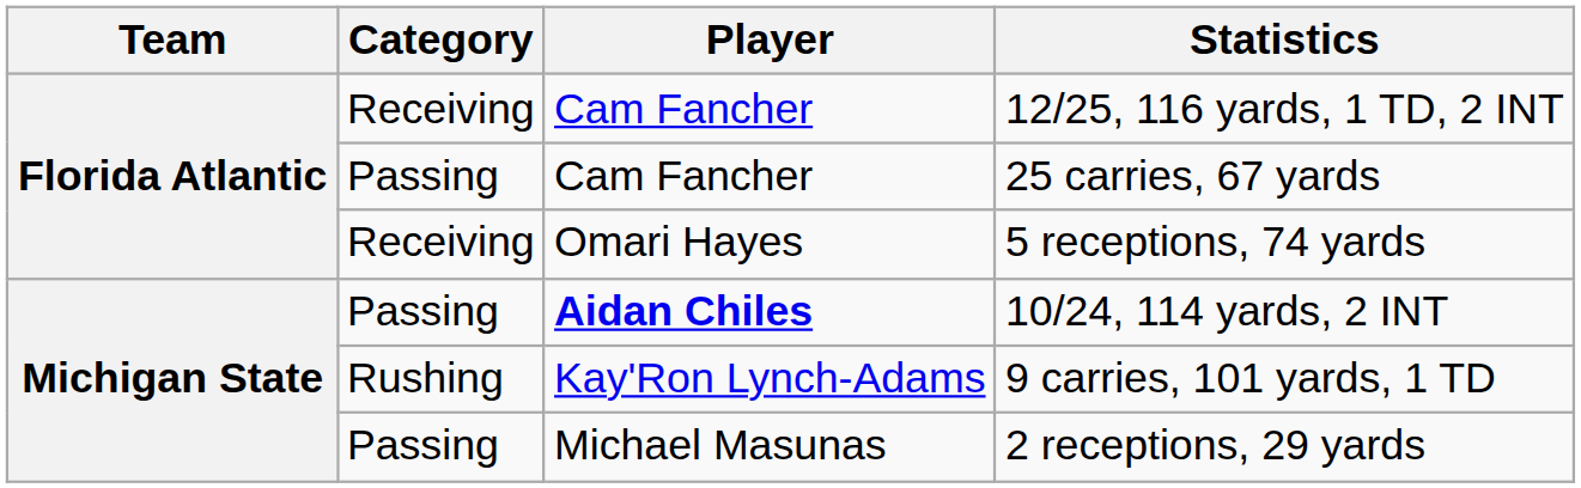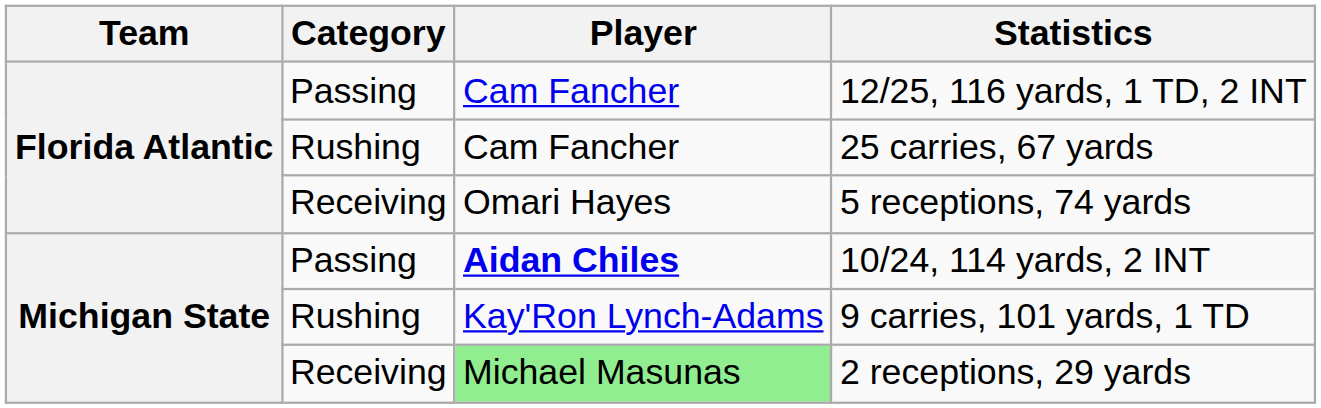 <table class="wikitable" style="float:right">
 <tr>
 <th>Team</th>
 <th>Category</th>
 <th>Player</th>
 <th>Statistics</th>
 </tr>
 <tr>
 <th rowspan=3>Florida Atlantic</th>
-<td>Receiving</td>
+<td>Passing</td>
 <td><a href='#'>Cam Fancher</a></td>
 <td>12/25, 116 yards, 1 TD, 2 INT</td>
 </tr>
 <tr>
-<td>Passing</td>
+<td>Rushing</td>
 <td>Cam Fancher</td>
 <td>25 carries, 67 yards</td>
 </tr>
 <tr>
 <td>Receiving</td>
 <td>Omari Hayes</td>
 <td>5 receptions, 74 yards</td>
 </tr>
 <tr>
 <th rowspan=3>Michigan State</th>
 <td>Passing</td>
 <td><strong><a href='#'>Aidan Chiles</a></strong></td>
 <td>10/24, 114 yards, 2 INT</td>
 </tr>
 <tr>
 <td>Rushing</td>
 <td><a href='#'>Kay'Ron Lynch-Adams</a></td>
 <td>9 carries, 101 yards, 1 TD</td>
 </tr>
 <tr>
-<td>Passing</td>
-<td>Michael Masunas</td>
+<td>Receiving</td>
+<td style="background: lightgreen;">Michael Masunas</td>
 <td>2 receptions, 29 yards</td>
 </tr>
 </table>
